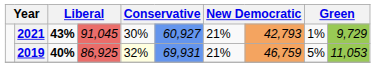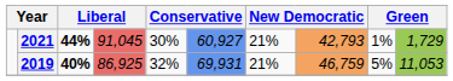 <table class="wikitable" style="width:400; font-size:90%; margin-left:1em;">
 <tr>
 <th colspan="2" scope="col">Year</th>
 <th colspan="2" scope="col"><a href='#'>Liberal</a></th>
 <th colspan="2" scope="col"><a href='#'>Conservative</a></th>
 <th colspan="2" scope="col"><a href='#'>New Democratic</a></th>
 <th colspan="2" scope="col"><a href='#'>Green</a></th>
 </tr>
 <tr>
 <td rowspan="2" style="width: 0.25em; background-color: "></td>
 <th><a href='#'>2021</a></th>
-<td><strong>43%</strong></td>
+<td><strong>44%</strong></td>
 <td style="text-align:right; background:#EA6D6A;"><em>91,045</em></td>
 <td>30%</td>
 <td style="text-align:right; background:#6495ED;"><em>60,927</em></td>
 <td>21%</td>
 <td style="text-align:right; background:#F4A460;"><em>42,793</em></td>
 <td>1%</td>
-<td style="text-align:right; background:#99C955;"><em>9,729</em></td>
+<td style="text-align:right; background:#99C955;"><em>1,729</em></td>
 </tr>
 <tr>
 <th><a href='#'>2019</a></th>
 <td><strong>40%</strong></td>
 <td style="text-align:right; background:#EA6D6A;"><em>86,925</em></td>
-<td style="background: lightyellow;">32%</td>
+<td>32%</td>
 <td style="text-align:right; background:#6495ED;"><em>69,931</em></td>
 <td>21%</td>
 <td style="text-align:right; background:#F4A460;"><em>46,759</em></td>
 <td>5%</td>
 <td style="text-align:right; background:#99C955;"><em>11,053</em></td>
 </tr>
 <tr>
 </tr>
 </table>
